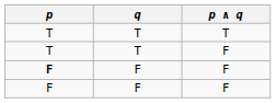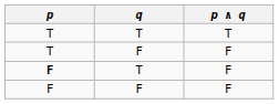 <table class="wikitable" style="margin:1em auto; text-align:center;">
 <tr>
 <th style="width:15%"><em>p</em></th>
 <th style="width:15%"><em>q</em></th>
 <th style="width:15%"><em>p</em> ∧ <em>q</em></th>
 </tr>
 <tr>
 <td>T</td>
 <td>T</td>
 <td>T</td>
 </tr>
 <tr>
 <td>T</td>
-<td>T</td>
+<td>F</td>
 <td>F</td>
 </tr>
 <tr>
 <td><strong>F</strong></td>
-<td>F</td>
+<td>T</td>
 <td>F</td>
 </tr>
 <tr>
 <td>F</td>
 <td>F</td>
 <td>F</td>
 </tr>
 </table>
